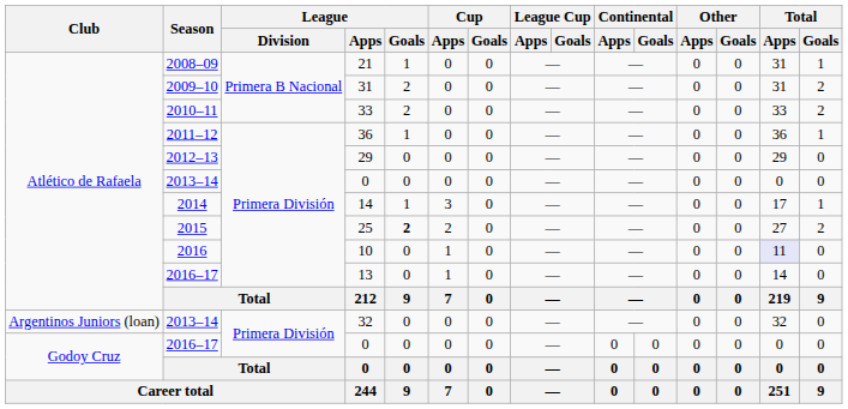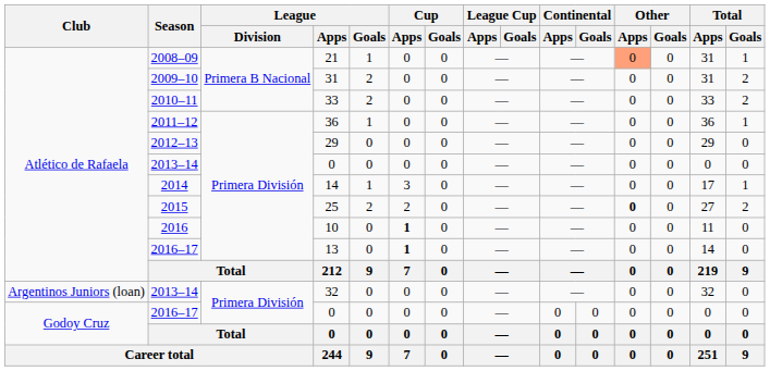 <table class="wikitable" style="text-align:center">
 <tr>
 <th rowspan="2">Club</th>
 <th rowspan="2">Season</th>
 <th colspan="3">League</th>
 <th colspan="2">Cup</th>
 <th colspan="2">League Cup</th>
 <th colspan="2">Continental</th>
 <th colspan="2">Other</th>
 <th colspan="2">Total</th>
 </tr>
 <tr>
 <th>Division</th>
 <th>Apps</th>
 <th>Goals</th>
 <th>Apps</th>
 <th>Goals</th>
 <th>Apps</th>
 <th>Goals</th>
 <th>Apps</th>
 <th>Goals</th>
 <th>Apps</th>
 <th>Goals</th>
 <th>Apps</th>
 <th>Goals</th>
 </tr>
 <tr>
 <td rowspan="11"><a href='#'>Atlético de Rafaela</a></td>
 <td><a href='#'>2008–09</a></td>
 <td rowspan="3"><a href='#'>Primera B Nacional</a></td>
 <td>21</td>
 <td>1</td>
 <td>0</td>
 <td>0</td>
 <td colspan="2">—</td>
 <td colspan="2">—</td>
-<td>0</td>
+<td style="background: lightsalmon;">0</td>
 <td>0</td>
 <td>31</td>
 <td>1</td>
 </tr>
 <tr>
 <td><a href='#'>2009–10</a></td>
 <td>31</td>
 <td>2</td>
 <td>0</td>
 <td>0</td>
 <td colspan="2">—</td>
 <td colspan="2">—</td>
 <td>0</td>
 <td>0</td>
 <td>31</td>
 <td>2</td>
 </tr>
 <tr>
 <td><a href='#'>2010–11</a></td>
 <td>33</td>
 <td>2</td>
 <td>0</td>
 <td>0</td>
 <td colspan="2">—</td>
 <td colspan="2">—</td>
 <td>0</td>
 <td>0</td>
 <td>33</td>
 <td>2</td>
 </tr>
 <tr>
 <td><a href='#'>2011–12</a></td>
 <td rowspan="7"><a href='#'>Primera División</a></td>
 <td>36</td>
 <td>1</td>
 <td>0</td>
 <td>0</td>
 <td colspan="2">—</td>
 <td colspan="2">—</td>
 <td>0</td>
 <td>0</td>
 <td>36</td>
 <td>1</td>
 </tr>
 <tr>
 <td><a href='#'>2012–13</a></td>
 <td>29</td>
 <td>0</td>
 <td>0</td>
 <td>0</td>
 <td colspan="2">—</td>
 <td colspan="2">—</td>
 <td>0</td>
 <td>0</td>
 <td>29</td>
 <td>0</td>
 </tr>
 <tr>
 <td><a href='#'>2013–14</a></td>
 <td>0</td>
 <td>0</td>
 <td>0</td>
 <td>0</td>
 <td colspan="2">—</td>
 <td colspan="2">—</td>
 <td>0</td>
 <td>0</td>
 <td>0</td>
 <td>0</td>
 </tr>
 <tr>
 <td><a href='#'>2014</a></td>
 <td>14</td>
 <td>1</td>
 <td>3</td>
 <td>0</td>
 <td colspan="2">—</td>
 <td colspan="2">—</td>
 <td>0</td>
 <td>0</td>
 <td>17</td>
 <td>1</td>
 </tr>
 <tr>
 <td><a href='#'>2015</a></td>
 <td>25</td>
-<td><strong>2</strong></td>
+<td>2</td>
 <td>2</td>
 <td>0</td>
 <td colspan="2">—</td>
 <td colspan="2">—</td>
-<td>0</td>
+<td><strong>0</strong></td>
 <td>0</td>
 <td>27</td>
 <td>2</td>
 </tr>
 <tr>
 <td><a href='#'>2016</a></td>
 <td>10</td>
 <td>0</td>
-<td>1</td>
+<td><strong>1</strong></td>
 <td>0</td>
 <td colspan="2">—</td>
 <td colspan="2">—</td>
 <td>0</td>
 <td>0</td>
-<td style="background: lavender;">11</td>
+<td>11</td>
 <td>0</td>
 </tr>
 <tr>
 <td><a href='#'>2016–17</a></td>
 <td>13</td>
 <td>0</td>
-<td>1</td>
+<td><strong>1</strong></td>
 <td>0</td>
 <td colspan="2">—</td>
 <td colspan="2">—</td>
 <td>0</td>
 <td>0</td>
 <td>14</td>
 <td>0</td>
 </tr>
 <tr>
 <th colspan="2">Total</th>
 <th>212</th>
 <th>9</th>
 <th>7</th>
 <th>0</th>
 <th colspan="2">—</th>
 <th colspan="2">—</th>
 <th>0</th>
 <th>0</th>
 <th>219</th>
 <th>9</th>
 </tr>
 <tr>
 <td rowspan="1"><a href='#'>Argentinos Juniors</a> (loan)</td>
 <td><a href='#'>2013–14</a></td>
 <td rowspan="2"><a href='#'>Primera División</a></td>
 <td>32</td>
 <td>0</td>
 <td>0</td>
 <td>0</td>
 <td colspan="2">—</td>
 <td colspan="2">—</td>
 <td>0</td>
 <td>0</td>
 <td>32</td>
 <td>0</td>
 </tr>
 <tr>
 <td rowspan="2"><a href='#'>Godoy Cruz</a></td>
 <td><a href='#'>2016–17</a></td>
 <td>0</td>
 <td>0</td>
 <td>0</td>
 <td>0</td>
 <td colspan="2">—</td>
 <td>0</td>
 <td>0</td>
 <td>0</td>
 <td>0</td>
 <td>0</td>
 <td>0</td>
 </tr>
 <tr>
 <th colspan="2">Total</th>
 <th>0</th>
 <th>0</th>
 <th>0</th>
 <th>0</th>
 <th colspan="2">—</th>
 <th>0</th>
 <th>0</th>
 <th>0</th>
 <th>0</th>
 <th>0</th>
 <th>0</th>
 </tr>
 <tr>
 <th colspan="3">Career total</th>
 <th>244</th>
 <th>9</th>
 <th>7</th>
 <th>0</th>
 <th colspan="2">—</th>
 <th>0</th>
 <th>0</th>
 <th>0</th>
 <th>0</th>
 <th>251</th>
 <th>9</th>
 </tr>
 </table>
